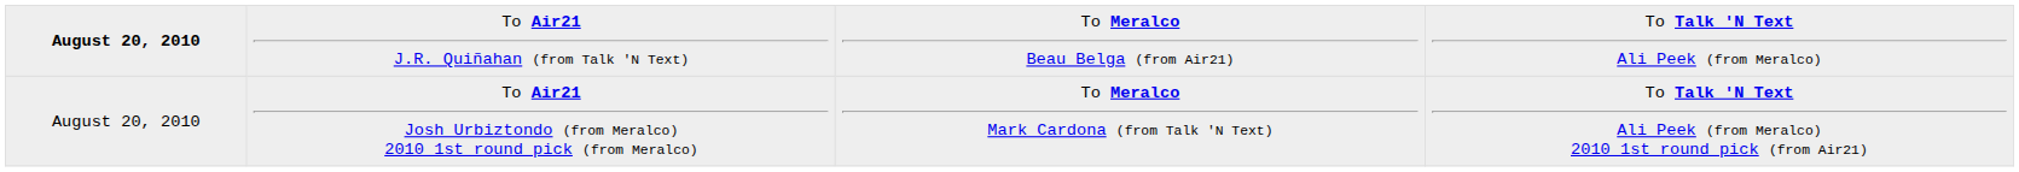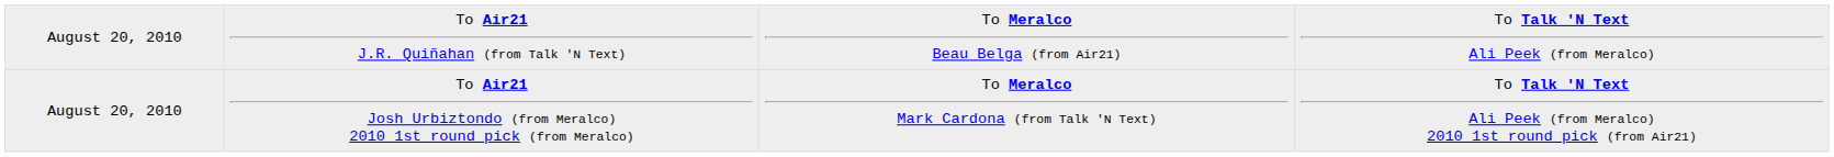 <table border=1 style="border-collapse:collapse; text-align: center; width: 100%" bordercolor="#DFDFDF"  cellpadding="5">
 <tr>
 </tr>
 <tr bgcolor="eeeeee">
-<td style="width:12%"><strong>August 20, 2010</strong></td>
+<td style="width:12%">August 20, 2010</td>
 <td style="width:29.3%" valign="top">To <strong><a href='#'>Air21</a></strong><hr><a href='#'>J.R. Quiñahan</a> <small>(from Talk 'N Text)</small></td>
 <td style="width:29.3%" valign="top">To <strong><a href='#'>Meralco</a></strong><hr><a href='#'>Beau Belga</a> <small>(from Air21)</small></td>
 <td style="width:29.3%" valign="top">To <strong><a href='#'>Talk 'N Text</a></strong><hr><a href='#'>Ali Peek</a> <small>(from Meralco)</small></td>
 </tr>
 <tr bgcolor="eeeeee">
 <td style="width:12%">August 20, 2010</td>
 <td style="width:29.3%" valign="top">To <strong><a href='#'>Air21</a></strong><hr><a href='#'>Josh Urbiztondo</a> <small>(from Meralco)</small><br><a href='#'>2010 1st round pick</a> <small>(from Meralco)</small></td>
 <td style="width:29.3%" valign="top">To <strong><a href='#'>Meralco</a></strong><hr><a href='#'>Mark Cardona</a> <small>(from Talk 'N Text)</small></td>
 <td style="width:29.3%" valign="top">To <strong><a href='#'>Talk 'N Text</a></strong><hr><a href='#'>Ali Peek</a> <small>(from Meralco)</small> <br><a href='#'>2010 1st round pick</a> <small>(from Air21)</small></td>
 </tr>
 </table>
